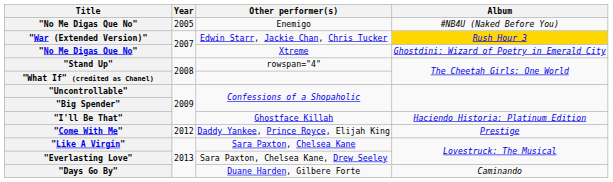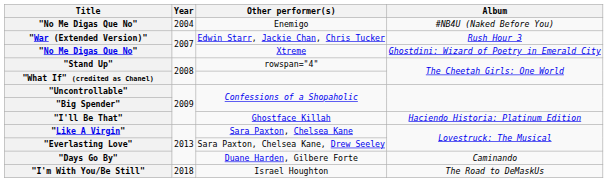 <table class="wikitable plainrowheaders" style="text-align:center;">
 <tr>
 <th scope="col" style="width:20em;">Title</th>
 <th scope="col">Year</th>
 <th scope="col">Other performer(s)</th>
 <th scope="col">Album</th>
 </tr>
 <tr>
 <th scope="row">"No Me Digas Que No"</th>
-<td>2005</td>
+<td>2004</td>
 <td>Enemigo</td>
 <td><em>#NB4U (Naked Before You)</em></td>
 </tr>
 <tr>
 <th scope="row">"<a href='#'>War</a> (Extended Version)"</th>
 <td rowspan="2">2007</td>
 <td><a href='#'>Edwin Starr</a>, <a href='#'>Jackie Chan</a>, <a href='#'>Chris Tucker</a></td>
-<td style="background: gold;"><em><a href='#'>Rush Hour 3</a></em></td>
+<td><em><a href='#'>Rush Hour 3</a></em></td>
 </tr>
 <tr>
 <th scope="row">"<a href='#'>No Me Digas Que No</a>"</th>
 <td><a href='#'>Xtreme</a></td>
 <td><em><a href='#'>Ghostdini: Wizard of Poetry in Emerald City</a></em></td>
 </tr>
 <tr>
 <th scope="row">"Stand Up"</th>
 <td rowspan="2">2008</td>
 <td>rowspan="4" </td>
 <td rowspan="2"><em><a href='#'>The Cheetah Girls: One World</a></em></td>
 </tr>
 <tr>
 <th scope="row">"What If" <small>(credited as Chanel)</small></th>
 </tr>
 <tr>
 <th scope="row">"Uncontrollable"</th>
 <td rowspan="3">2009</td>
 <td rowspan="2"><em><a href='#'>Confessions of a Shopaholic</a></em></td>
 </tr>
 <tr>
 <th scope="row">"Big Spender"</th>
 </tr>
 <tr>
 <th scope="row">"I'll Be That"</th>
 <td><a href='#'>Ghostface Killah</a></td>
 <td><em><a href='#'>Haciendo Historia: Platinum Edition</a></em></td>
 </tr>
 <tr>
-<th scope="row">"<a href='#'>Come With Me</a>"</th>
-<td>2012</td>
-<td><a href='#'>Daddy Yankee</a>, <a href='#'>Prince Royce</a>, Elijah King</td>
-<td><em><a href='#'>Prestige</a></em></td>
-</tr>
-<tr>
 <th scope="row">"<a href='#'>Like A Virgin</a>"</th>
 <td rowspan="3">2013</td>
 <td><a href='#'>Sara Paxton</a>, <a href='#'>Chelsea Kane</a></td>
 <td rowspan="2"><em><a href='#'>Lovestruck: The Musical</a></em></td>
 </tr>
 <tr>
 <th scope="row">"Everlasting Love"</th>
 <td>Sara Paxton, Chelsea Kane, <a href='#'>Drew Seeley</a></td>
 </tr>
 <tr>
 <th scope="row">"Days Go By"</th>
 <td><a href='#'>Duane Harden</a>, Gilbere Forte</td>
 <td><em>Caminando</em></td>
 </tr>
+<tr>
+<th scope="row">"I'm With You/Be Still"</th>
+<td>2018</td>
+<td>Israel Houghton</td>
+<td><em>The Road to DeMaskUs</em></td>
+</tr>
 </table>
